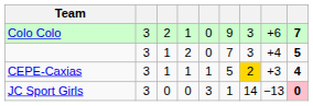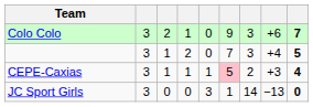 <table class="wikitable" style="text-align: center;">
 <tr>
 <th width=165>Team</th>
 <th width=20></th>
 <th width=20></th>
 <th width=20></th>
 <th width=20></th>
 <th width=20></th>
 <th width=20></th>
 <th width=25></th>
 <th width=20></th>
 </tr>
 <tr style="background:#cfc;">
 <td align=left> <a href='#'>Colo Colo</a></td>
 <td>3</td>
 <td>2</td>
 <td>1</td>
 <td>0</td>
 <td>9</td>
 <td>3</td>
 <td>+6</td>
 <td><strong>7</strong></td>
 </tr>
 <tr>
 <td align=left></td>
 <td>3</td>
 <td>1</td>
 <td>2</td>
 <td>0</td>
 <td>7</td>
 <td>3</td>
 <td>+4</td>
 <td><strong>5</strong></td>
 </tr>
 <tr>
 <td align=left> <a href='#'>CEPE-Caxias</a></td>
 <td>3</td>
 <td>1</td>
 <td>1</td>
 <td>1</td>
-<td>5</td>
-<td style="background: gold;">2</td>
+<td style="background: pink;">5</td>
+<td>2</td>
 <td>+3</td>
 <td><strong>4</strong></td>
 </tr>
 <tr>
 <td align=left> <a href='#'>JC Sport Girls</a></td>
 <td>3</td>
 <td>0</td>
 <td>0</td>
 <td>3</td>
 <td>1</td>
 <td>14</td>
 <td>−13</td>
-<td style="background: pink;"><strong>0</strong></td>
+<td><strong>0</strong></td>
 </tr>
 </table>
